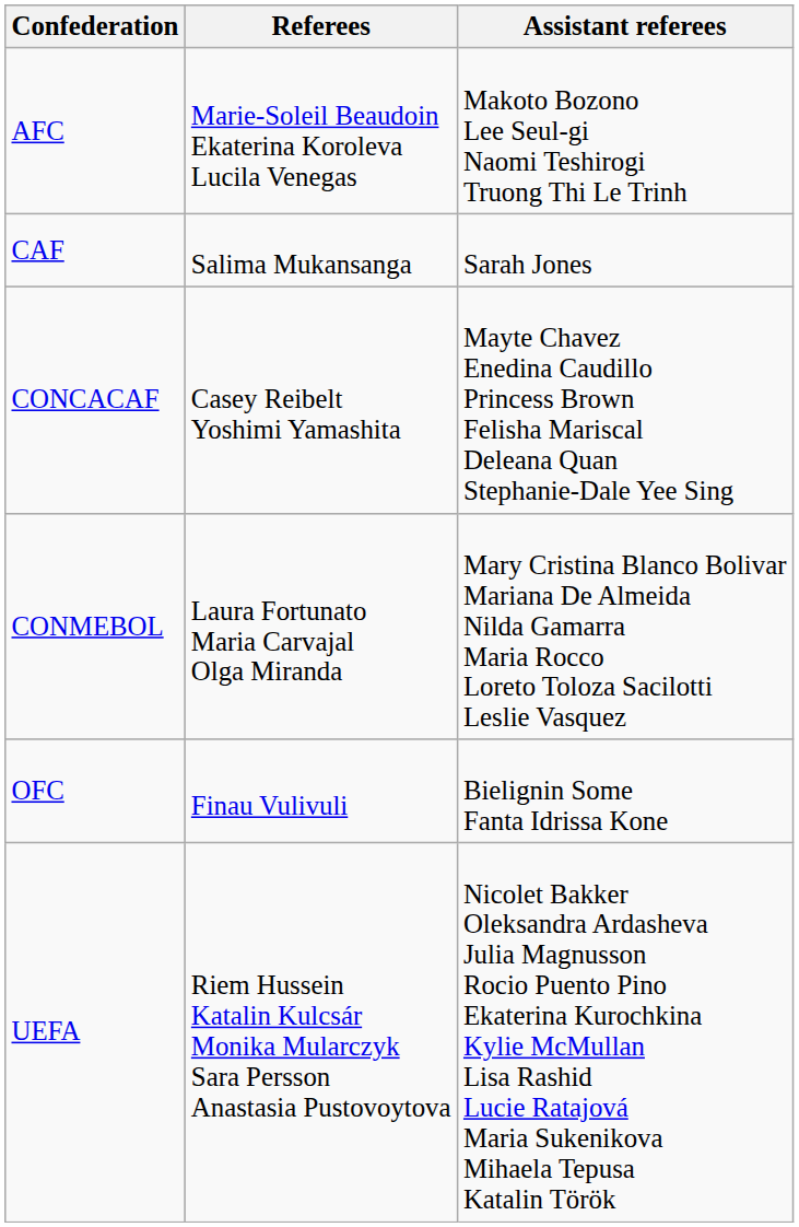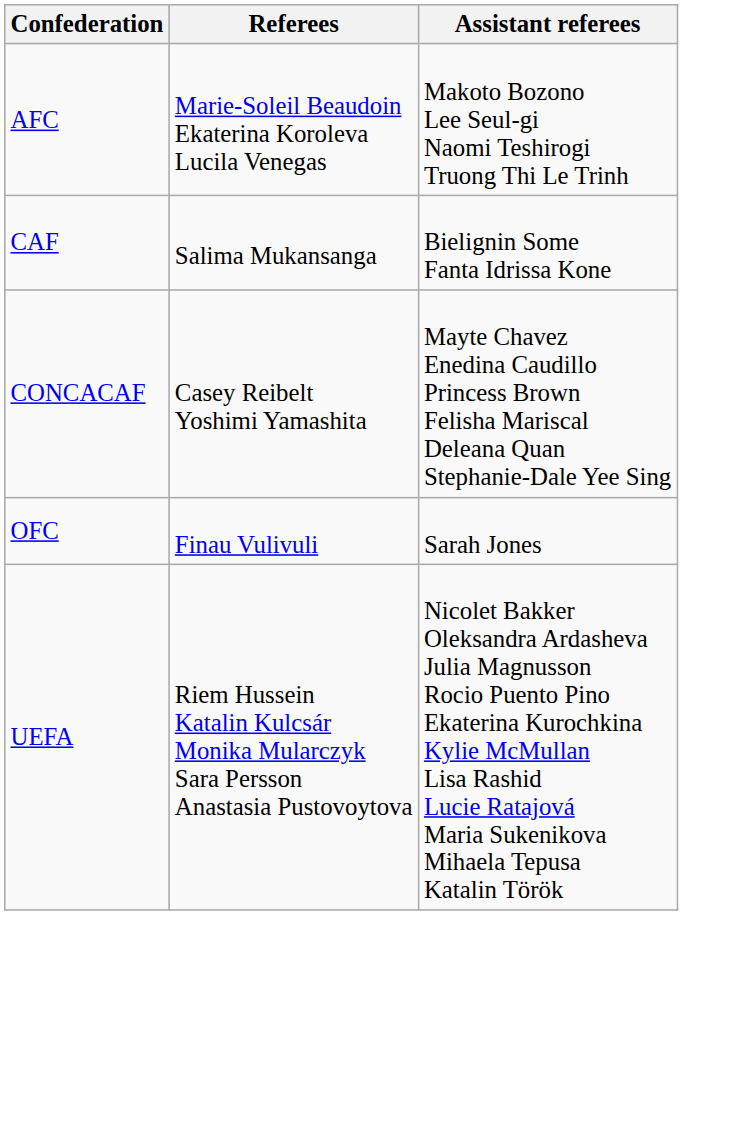 <table class="wikitable">
 <tr>
 <th>Confederation</th>
 <th>Referees</th>
 <th>Assistant referees</th>
 </tr>
 <tr>
 <td><a href='#'>AFC</a></td>
 <td><br> <a href='#'>Marie-Soleil Beaudoin</a><br>  Ekaterina Koroleva<br>  Lucila Venegas</td>
 <td><br> Makoto Bozono<br>  Lee Seul-gi<br>  Naomi Teshirogi<br>  Truong Thi Le Trinh</td>
 </tr>
 <tr>
 <td><a href='#'>CAF</a></td>
 <td><br> Salima Mukansanga</td>
-<td><br> Sarah Jones</td>
+<td><br> Bielignin Some <br>  Fanta Idrissa Kone</td>
 </tr>
 <tr>
 <td><a href='#'>CONCACAF</a></td>
 <td><br> Casey Reibelt<br>  Yoshimi Yamashita</td>
 <td><br> Mayte Chavez<br>  Enedina Caudillo<br>  Princess Brown<br>  Felisha Mariscal<br>  Deleana Quan<br>  Stephanie-Dale Yee Sing</td>
 </tr>
 <tr>
-<td><a href='#'>CONMEBOL</a></td>
-<td><br> Laura Fortunato<br>  Maria Carvajal<br>  Olga Miranda</td>
-<td><br> Mary Cristina Blanco Bolivar <br>  Mariana De Almeida<br>  Nilda Gamarra<br>  Maria Rocco<br>  Loreto Toloza Sacilotti<br>  Leslie Vasquez</td>
-</tr>
-<tr>
 <td><a href='#'>OFC</a></td>
 <td><br> <a href='#'>Finau Vulivuli</a></td>
-<td><br> Bielignin Some <br>  Fanta Idrissa Kone</td>
+<td><br> Sarah Jones</td>
 </tr>
 <tr>
 <td><a href='#'>UEFA</a></td>
 <td><br> Riem Hussein<br>  <a href='#'>Katalin Kulcsár</a><br>  <a href='#'>Monika Mularczyk</a><br>  Sara Persson<br>  Anastasia Pustovoytova</td>
 <td><br> Nicolet Bakker<br>  Oleksandra Ardasheva<br>  Julia Magnusson<br>  Rocio Puento Pino<br>  Ekaterina Kurochkina<br>  <a href='#'>Kylie McMullan</a><br>  Lisa Rashid<br>  <a href='#'>Lucie Ratajová</a><br>  Maria Sukenikova<br>  Mihaela Tepusa<br>  Katalin Török</td>
 </tr>
 </table>
